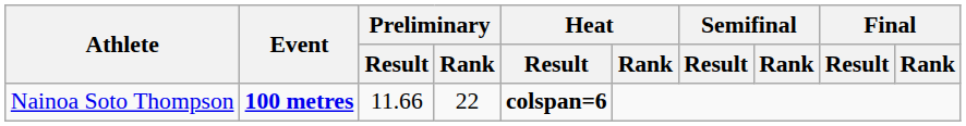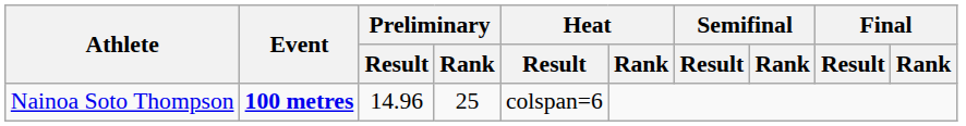 <table class="wikitable"  style=font-size:90%>
 <tr>
 <th rowspan="2">Athlete</th>
 <th rowspan="2">Event</th>
 <th colspan="2">Preliminary</th>
 <th colspan="2">Heat</th>
 <th colspan="2">Semifinal</th>
 <th colspan="2">Final</th>
 </tr>
 <tr>
 <th>Result</th>
 <th>Rank</th>
 <th>Result</th>
 <th>Rank</th>
 <th>Result</th>
 <th>Rank</th>
 <th>Result</th>
 <th>Rank</th>
 </tr>
 <tr style=text-align:center>
 <td style=text-align:left><a href='#'>Nainoa Soto Thompson</a></td>
 <td style=text-align:left><strong><a href='#'>100 metres</a></strong></td>
-<td>11.66</td>
-<td>22</td>
-<td><strong>colspan=6 </strong></td>
+<td>14.96</td>
+<td>25</td>
+<td>colspan=6 </td>
 </tr>
 </table>
